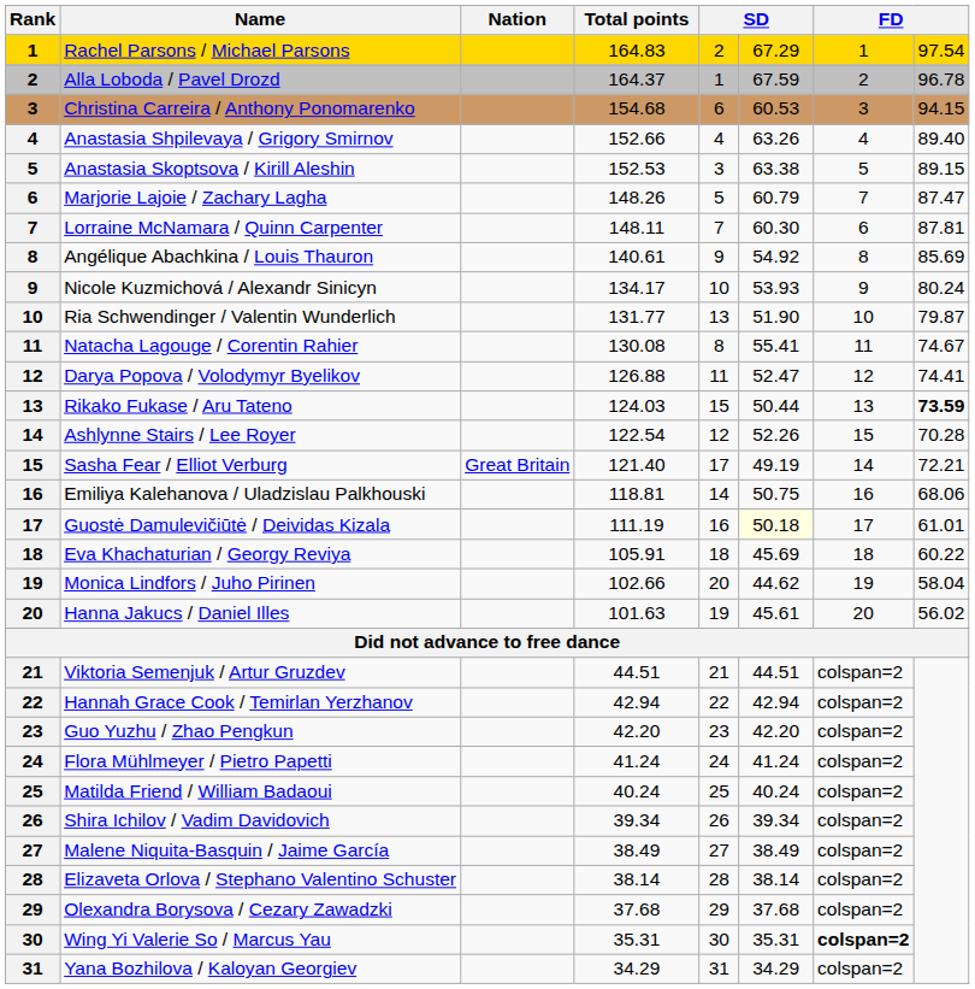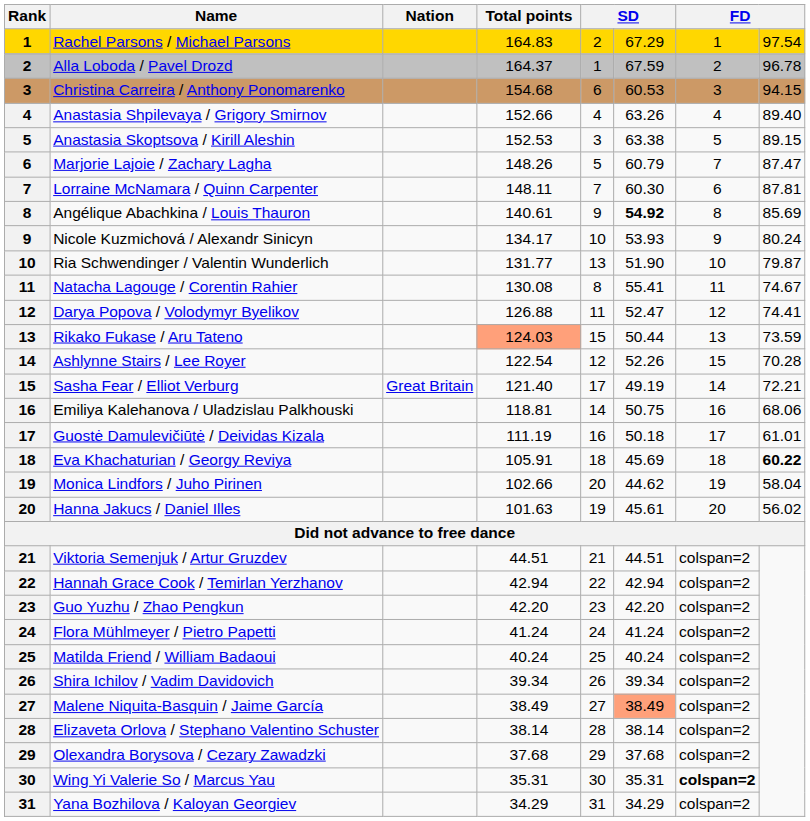 <table class="wikitable sortable">
 <tr>
 <th>Rank</th>
 <th>Name</th>
 <th>Nation</th>
 <th width="100px">Total points</th>
 <th colspan="2" width="90px"><a href='#'>SD</a></th>
 <th colspan="2" width="90px"><a href='#'>FD</a></th>
 </tr>
 <tr bgcolor="gold">
 <td align="center" bgcolor="gold"><strong>1</strong></td>
 <td><a href='#'>Rachel Parsons</a> / <a href='#'>Michael Parsons</a></td>
 <td></td>
 <td align="center">164.83</td>
 <td align="center">2</td>
 <td align="center">67.29</td>
 <td align="center">1</td>
 <td align="center">97.54</td>
 </tr>
 <tr bgcolor="silver">
 <td align="center" bgcolor="silver"><strong>2</strong></td>
 <td><a href='#'>Alla Loboda</a> / <a href='#'>Pavel Drozd</a></td>
 <td></td>
 <td align="center">164.37</td>
 <td align="center">1</td>
 <td align="center">67.59</td>
 <td align="center">2</td>
 <td align="center">96.78</td>
 </tr>
 <tr bgcolor="#cc9966">
 <td align="center" bgcolor="#cc9966"><strong>3</strong></td>
 <td><a href='#'>Christina Carreira</a> / <a href='#'>Anthony Ponomarenko</a></td>
 <td></td>
 <td align="center">154.68</td>
 <td align="center">6</td>
 <td align="center">60.53</td>
 <td align="center">3</td>
 <td align="center">94.15</td>
 </tr>
 <tr>
 <th>4</th>
 <td><a href='#'>Anastasia Shpilevaya</a> / <a href='#'>Grigory Smirnov</a></td>
 <td></td>
 <td align="center">152.66</td>
 <td align="center">4</td>
 <td align="center">63.26</td>
 <td align="center">4</td>
 <td align="center">89.40</td>
 </tr>
 <tr>
 <th>5</th>
 <td><a href='#'>Anastasia Skoptsova</a> / <a href='#'>Kirill Aleshin</a></td>
 <td></td>
 <td align="center">152.53</td>
 <td align="center">3</td>
 <td align="center">63.38</td>
 <td align="center">5</td>
 <td align="center">89.15</td>
 </tr>
 <tr>
 <th>6</th>
 <td><a href='#'>Marjorie Lajoie</a> / <a href='#'>Zachary Lagha</a></td>
 <td></td>
 <td align="center">148.26</td>
 <td align="center">5</td>
 <td align="center">60.79</td>
 <td align="center">7</td>
 <td align="center">87.47</td>
 </tr>
 <tr>
 <th>7</th>
 <td><a href='#'>Lorraine McNamara</a> / <a href='#'>Quinn Carpenter</a></td>
 <td></td>
 <td align="center">148.11</td>
 <td align="center">7</td>
 <td align="center">60.30</td>
 <td align="center">6</td>
 <td align="center">87.81</td>
 </tr>
 <tr>
 <th>8</th>
 <td>Angélique Abachkina / <a href='#'>Louis Thauron</a></td>
 <td></td>
 <td align="center">140.61</td>
 <td align="center">9</td>
-<td align="center">54.92</td>
+<td align="center"><strong>54.92</strong></td>
 <td align="center">8</td>
 <td align="center">85.69</td>
 </tr>
 <tr>
 <th>9</th>
 <td>Nicole Kuzmichová / Alexandr Sinicyn</td>
 <td></td>
 <td align="center">134.17</td>
 <td align="center">10</td>
 <td align="center">53.93</td>
 <td align="center">9</td>
 <td align="center">80.24</td>
 </tr>
 <tr>
 <th>10</th>
 <td>Ria Schwendinger / Valentin Wunderlich</td>
 <td></td>
 <td align="center">131.77</td>
 <td align="center">13</td>
 <td align="center">51.90</td>
 <td align="center">10</td>
 <td align="center">79.87</td>
 </tr>
 <tr>
 <th>11</th>
 <td><a href='#'>Natacha Lagouge</a> / <a href='#'>Corentin Rahier</a></td>
 <td></td>
 <td align="center">130.08</td>
 <td align="center">8</td>
 <td align="center">55.41</td>
 <td align="center">11</td>
 <td align="center">74.67</td>
 </tr>
 <tr>
 <th>12</th>
 <td><a href='#'>Darya Popova</a> / <a href='#'>Volodymyr Byelikov</a></td>
 <td></td>
 <td align="center">126.88</td>
 <td align="center">11</td>
 <td align="center">52.47</td>
 <td align="center">12</td>
 <td align="center">74.41</td>
 </tr>
 <tr>
 <th>13</th>
 <td><a href='#'>Rikako Fukase</a> / <a href='#'>Aru Tateno</a></td>
 <td></td>
-<td align="center">124.03</td>
+<td align="center" style="background: lightsalmon;">124.03</td>
 <td align="center">15</td>
 <td align="center">50.44</td>
 <td align="center">13</td>
-<td align="center"><strong>73.59</strong></td>
+<td align="center">73.59</td>
 </tr>
 <tr>
 <th>14</th>
 <td><a href='#'>Ashlynne Stairs</a> / <a href='#'>Lee Royer</a></td>
 <td></td>
 <td align="center">122.54</td>
 <td align="center">12</td>
 <td align="center">52.26</td>
 <td align="center">15</td>
 <td align="center">70.28</td>
 </tr>
 <tr>
 <th>15</th>
 <td><a href='#'>Sasha Fear</a> / <a href='#'>Elliot Verburg</a></td>
 <td> <a href='#'>Great Britain</a></td>
 <td align="center">121.40</td>
 <td align="center">17</td>
 <td align="center">49.19</td>
 <td align="center">14</td>
 <td align="center">72.21</td>
 </tr>
 <tr>
 <th>16</th>
 <td>Emiliya Kalehanova / Uladzislau Palkhouski</td>
 <td></td>
 <td align="center">118.81</td>
 <td align="center">14</td>
 <td align="center">50.75</td>
 <td align="center">16</td>
 <td align="center">68.06</td>
 </tr>
 <tr>
 <th>17</th>
 <td><a href='#'>Guostė Damulevičiūtė</a> / <a href='#'>Deividas Kizala</a></td>
 <td></td>
 <td align="center">111.19</td>
 <td align="center">16</td>
-<td align="center" style="background: lightyellow;">50.18</td>
+<td align="center">50.18</td>
 <td align="center">17</td>
 <td align="center">61.01</td>
 </tr>
 <tr>
 <th>18</th>
 <td><a href='#'>Eva Khachaturian</a> / <a href='#'>Georgy Reviya</a></td>
 <td></td>
 <td align="center">105.91</td>
 <td align="center">18</td>
 <td align="center">45.69</td>
 <td align="center">18</td>
-<td align="center">60.22</td>
+<td align="center"><strong>60.22</strong></td>
 </tr>
 <tr>
 <th>19</th>
 <td><a href='#'>Monica Lindfors</a> / <a href='#'>Juho Pirinen</a></td>
 <td></td>
 <td align="center">102.66</td>
 <td align="center">20</td>
 <td align="center">44.62</td>
 <td align="center">19</td>
 <td align="center">58.04</td>
 </tr>
 <tr>
 <th>20</th>
 <td><a href='#'>Hanna Jakucs</a> / <a href='#'>Daniel Illes</a></td>
 <td></td>
 <td align="center">101.63</td>
 <td align="center">19</td>
 <td align="center">45.61</td>
 <td align="center">20</td>
 <td align="center">56.02</td>
 </tr>
 <tr>
 <th colspan=8>Did not advance to free dance</th>
 </tr>
 <tr>
 <th>21</th>
 <td><a href='#'>Viktoria Semenjuk</a> / <a href='#'>Artur Gruzdev</a></td>
 <td></td>
 <td align="center">44.51</td>
 <td align="center">21</td>
 <td align="center">44.51</td>
 <td>colspan=2 </td>
 </tr>
 <tr>
 <th>22</th>
 <td><a href='#'>Hannah Grace Cook</a> / <a href='#'>Temirlan Yerzhanov</a></td>
 <td></td>
 <td align="center">42.94</td>
 <td align="center">22</td>
 <td align="center">42.94</td>
 <td>colspan=2 </td>
 </tr>
 <tr>
 <th>23</th>
 <td><a href='#'>Guo Yuzhu</a> / <a href='#'>Zhao Pengkun</a></td>
 <td></td>
 <td align="center">42.20</td>
 <td align="center">23</td>
 <td align="center">42.20</td>
 <td>colspan=2 </td>
 </tr>
 <tr>
 <th>24</th>
 <td><a href='#'>Flora Mühlmeyer</a> / <a href='#'>Pietro Papetti</a></td>
 <td></td>
 <td align="center">41.24</td>
 <td align="center">24</td>
 <td align="center">41.24</td>
 <td>colspan=2 </td>
 </tr>
 <tr>
 <th>25</th>
 <td><a href='#'>Matilda Friend</a> / <a href='#'>William Badaoui</a></td>
 <td></td>
 <td align="center">40.24</td>
 <td align="center">25</td>
 <td align="center">40.24</td>
 <td>colspan=2 </td>
 </tr>
 <tr>
 <th>26</th>
 <td><a href='#'>Shira Ichilov</a> / <a href='#'>Vadim Davidovich</a></td>
 <td></td>
 <td align="center">39.34</td>
 <td align="center">26</td>
 <td align="center">39.34</td>
 <td>colspan=2 </td>
 </tr>
 <tr>
 <th>27</th>
 <td><a href='#'>Malene Niquita-Basquin</a> / <a href='#'>Jaime García</a></td>
 <td></td>
 <td align="center">38.49</td>
 <td align="center">27</td>
-<td align="center">38.49</td>
+<td align="center" style="background: lightsalmon;">38.49</td>
 <td>colspan=2 </td>
 </tr>
 <tr>
 <th>28</th>
 <td><a href='#'>Elizaveta Orlova</a> / <a href='#'>Stephano Valentino Schuster</a></td>
 <td></td>
 <td align="center">38.14</td>
 <td align="center">28</td>
 <td align="center">38.14</td>
 <td>colspan=2 </td>
 </tr>
 <tr>
 <th>29</th>
 <td><a href='#'>Olexandra Borysova</a> / <a href='#'>Cezary Zawadzki</a></td>
 <td></td>
 <td align="center">37.68</td>
 <td align="center">29</td>
 <td align="center">37.68</td>
 <td>colspan=2 </td>
 </tr>
 <tr>
 <th>30</th>
 <td><a href='#'>Wing Yi Valerie So</a> / <a href='#'>Marcus Yau</a></td>
 <td></td>
 <td align="center">35.31</td>
 <td align="center">30</td>
 <td align="center">35.31</td>
 <td><strong>colspan=2 </strong></td>
 </tr>
 <tr>
 <th>31</th>
 <td><a href='#'>Yana Bozhilova</a> / <a href='#'>Kaloyan Georgiev</a></td>
 <td></td>
 <td align="center">34.29</td>
 <td align="center">31</td>
 <td align="center">34.29</td>
 <td>colspan=2 </td>
 </tr>
 </table>
